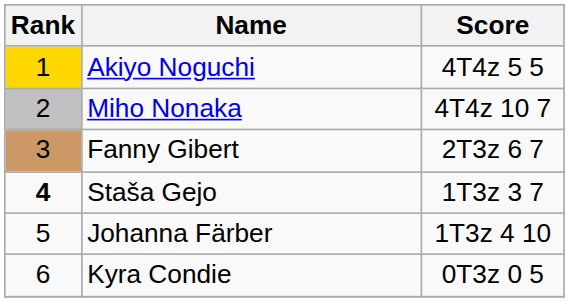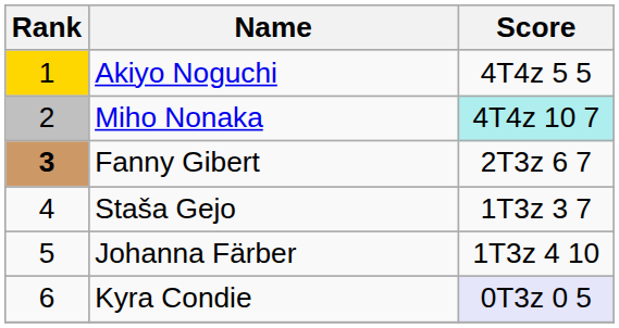 <table class="wikitable">
 <tr>
 <th>Rank</th>
 <th width = "200">Name</th>
 <th width = "80">Score</th>
 </tr>
 <tr>
 <td align="center" style="background: gold">1</td>
 <td> <a href='#'>Akiyo Noguchi</a></td>
 <td align="center">4T4z 5 5</td>
 </tr>
 <tr>
 <td align="center" style="background: silver">2</td>
 <td> <a href='#'>Miho Nonaka</a></td>
-<td align="center">4T4z 10 7</td>
+<td align="center" style="background: paleturquoise;">4T4z 10 7</td>
 </tr>
 <tr>
-<td align="center" style="background: #cc9966">3</td>
+<td align="center" style="background: #cc9966"><strong>3</strong></td>
 <td> Fanny Gibert</td>
 <td align="center">2T3z 6 7</td>
 </tr>
 <tr>
-<td align="center"><strong>4</strong></td>
+<td align="center">4</td>
 <td> Staša Gejo</td>
 <td align="center">1T3z 3 7</td>
 </tr>
 <tr>
 <td align="center">5</td>
 <td> Johanna Färber</td>
 <td align="center">1T3z 4 10</td>
 </tr>
 <tr>
 <td align="center">6</td>
 <td> Kyra Condie</td>
-<td align="center">0T3z 0 5</td>
+<td align="center" style="background: lavender;">0T3z 0 5</td>
 </tr>
 <tr>
 </tr>
 </table>
